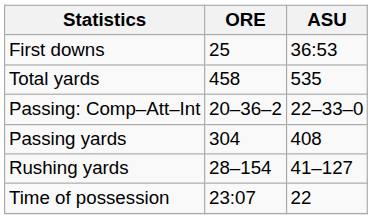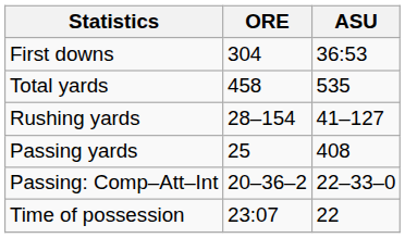 <table class="wikitable" style="float: left;">
 <tr>
 <th>Statistics</th>
 <th>ORE</th>
 <th>ASU</th>
 </tr>
 <tr>
 <td>First downs</td>
-<td>25</td>
+<td>304</td>
 <td>36:53</td>
 </tr>
 <tr>
 <td>Total yards</td>
 <td>458</td>
 <td>535</td>
 </tr>
 <tr>
+<td>Rushing yards</td>
+<td>28–154</td>
+<td>41–127</td>
+</tr>
+<tr>
+<td>Passing yards</td>
+<td>25</td>
+<td>408</td>
+</tr>
+<tr>
 <td>Passing: Comp–Att–Int</td>
 <td>20–36–2</td>
 <td>22–33–0</td>
-</tr>
-<tr>
-<td>Passing yards</td>
-<td>304</td>
-<td>408</td>
-</tr>
-<tr>
-<td>Rushing yards</td>
-<td>28–154</td>
-<td>41–127</td>
 </tr>
 <tr>
 <td>Time of possession</td>
 <td>23:07</td>
 <td>22</td>
 </tr>
 <tr>
 </tr>
 </table>
